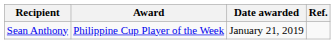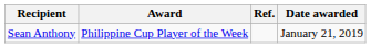 <table class="wikitable sortable sortable" style="text-align: center">
 <tr>
 <th>Recipient</th>
 <th>Award</th>
+<th>Ref.</th>
 <th>Date awarded</th>
-<th>Ref.</th>
 </tr>
 <tr>
 <td><a href='#'>Sean Anthony</a></td>
 <td><a href='#'>Philippine Cup Player of the Week</a></td>
+<td></td>
 <td>January 21, 2019</td>
-<td></td>
 </tr>
 </table>
